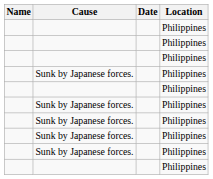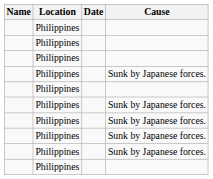 <table class="wikitable sortable">
 <tr>
 <th>Name</th>
+<th>Location</th>
+<th>Date</th>
 <th>Cause</th>
-<th>Date</th>
-<th>Location</th>
 </tr>
 <tr>
 <td></td>
+<td>Philippines</td>
 <td></td>
 <td></td>
-<td>Philippines</td>
 </tr>
 <tr>
 <td></td>
+<td>Philippines</td>
 <td></td>
 <td></td>
-<td>Philippines</td>
 </tr>
 <tr>
 <td></td>
+<td>Philippines</td>
 <td></td>
 <td></td>
-<td>Philippines</td>
 </tr>
 <tr>
 <td></td>
+<td>Philippines</td>
+<td></td>
 <td>Sunk by Japanese forces.</td>
-<td></td>
-<td>Philippines</td>
 </tr>
 <tr>
 <td></td>
+<td>Philippines</td>
 <td></td>
 <td></td>
-<td>Philippines</td>
 </tr>
 <tr>
 <td></td>
+<td>Philippines</td>
+<td></td>
 <td>Sunk by Japanese forces.</td>
-<td></td>
-<td>Philippines</td>
 </tr>
 <tr>
 <td></td>
+<td>Philippines</td>
+<td></td>
 <td>Sunk by Japanese forces.</td>
-<td></td>
-<td>Philippines</td>
 </tr>
 <tr>
 <td></td>
+<td>Philippines</td>
+<td></td>
 <td>Sunk by Japanese forces.</td>
-<td></td>
-<td>Philippines</td>
 </tr>
 <tr>
 <td></td>
+<td>Philippines</td>
+<td></td>
 <td>Sunk by Japanese forces.</td>
-<td></td>
-<td>Philippines</td>
 </tr>
 <tr>
 <td></td>
+<td>Philippines</td>
 <td></td>
 <td></td>
-<td>Philippines</td>
 </tr>
 </table>
